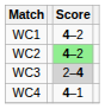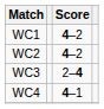 <table class="wikitable" style="font-size: 100%; margin: 1em auto 1em auto;">
 <tr>
 <th>Match</th>
 <th></th>
 <th>Score</th>
 <th></th>
 </tr>
 <tr>
 <td align="center">WC1</td>
 <td><strong></strong></td>
 <td align="center"><strong>4</strong>–2</td>
 <td></td>
 </tr>
 <tr>
 <td align="center">WC2</td>
 <td><strong></strong></td>
-<td align="center" style="background: lightgreen;"><strong>4</strong>–2</td>
+<td align="center"><strong>4</strong>–2</td>
 <td></td>
 </tr>
 <tr>
 <td align="center">WC3</td>
 <td></td>
-<td align="center" style="background: lightgrey;">2–<strong>4</strong></td>
+<td align="center">2–<strong>4</strong></td>
 <td><strong></strong></td>
 </tr>
 <tr>
 <td align="center">WC4</td>
 <td><strong></strong></td>
 <td align="center"><strong>4</strong>–1</td>
 <td></td>
 </tr>
 <tr>
 </tr>
 </table>
